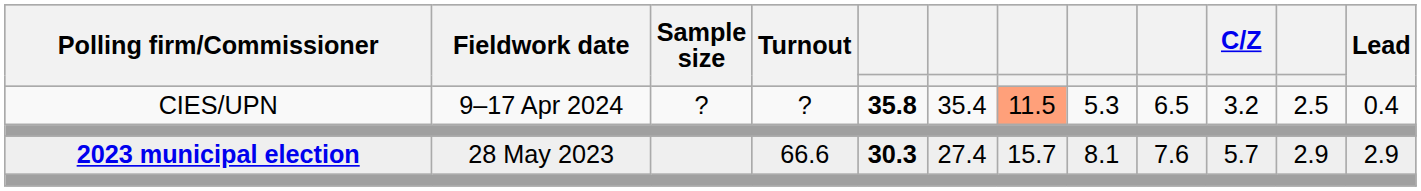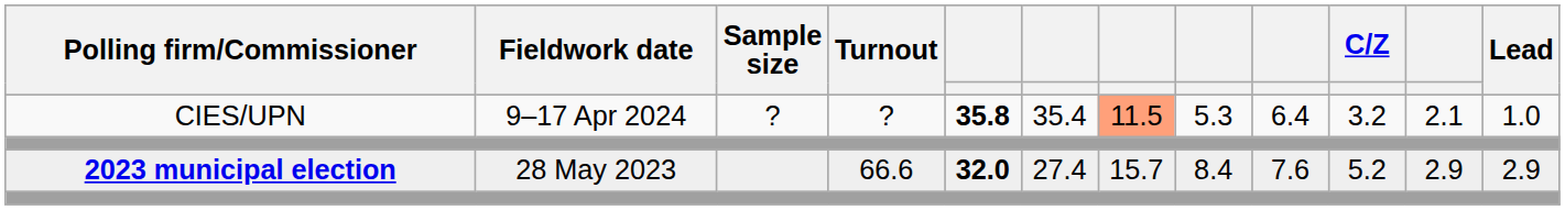 <table class="wikitable collapsible collapsed" style="text-align:center; font-size:95%; line-height:16px;">
 <tr style="height:42px;">
 <th style="width:250px;" rowspan="2">Polling firm/Commissioner</th>
 <th style="width:125px;" rowspan="2">Fieldwork date</th>
 <th style="width:50px;" rowspan="2">Sample size</th>
 <th style="width:45px;" rowspan="2">Turnout</th>
 <th style="width:35px;"></th>
 <th style="width:35px;"></th>
 <th style="width:35px;"></th>
 <th style="width:35px;"></th>
 <th style="width:35px;"></th>
 <th style="width:35px;"><a href='#'>C/Z</a></th>
 <th style="width:35px;"></th>
 <th style="width:30px;" rowspan="2">Lead</th>
 </tr>
 <tr>
 <th style="color:inherit;background:"></th>
 <th style="color:inherit;background:"></th>
 <th style="color:inherit;background:"></th>
 <th style="color:inherit;background:"></th>
 <th style="color:inherit;background:"></th>
 <th style="color:inherit;background:"></th>
 <th style="color:inherit;background:"></th>
 </tr>
 <tr>
 <td>CIES/UPN</td>
 <td>9–17 Apr 2024</td>
 <td>?</td>
 <td>?</td>
 <td><strong>35.8</strong><br></td>
 <td>35.4<br></td>
 <td style="background: lightsalmon;">11.5<br></td>
 <td>5.3<br></td>
-<td>6.5<br></td>
+<td>6.4<br></td>
 <td>3.2<br></td>
-<td>2.5<br></td>
-<td style="background:">0.4</td>
+<td>2.1<br></td>
+<td style="background:">1.0</td>
 </tr>
 <tr>
 <td colspan="12" style="background:#A0A0A0"></td>
 </tr>
 <tr style="background:#EFEFEF;">
 <td><strong><a href='#'>2023 municipal election</a></strong></td>
 <td>28 May 2023</td>
 <td></td>
 <td>66.6</td>
-<td><strong>30.3</strong><br></td>
+<td><strong>32.0</strong><br></td>
 <td>27.4<br></td>
 <td>15.7<br></td>
-<td>8.1<br></td>
+<td>8.4<br></td>
 <td>7.6<br></td>
-<td>5.7<br></td>
+<td>5.2<br></td>
 <td>2.9<br></td>
 <td style="background:">2.9</td>
 </tr>
 <tr>
 <td colspan="12" style="background:#A0A0A0"></td>
 </tr>
 </table>
